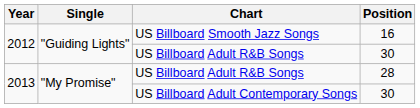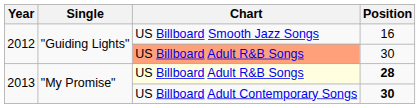 <table class="wikitable">
 <tr>
 <th>Year</th>
 <th>Single</th>
 <th>Chart</th>
 <th>Position</th>
 </tr>
 <tr>
 <td rowspan="2">2012</td>
 <td rowspan="2">"Guiding Lights"</td>
 <td>US <a href='#'>Billboard</a> <a href='#'>Smooth Jazz Songs</a></td>
 <td align="center">16</td>
 </tr>
 <tr>
-<td>US <a href='#'>Billboard</a> <a href='#'>Adult R&B Songs</a></td>
+<td style="background: lightsalmon;">US <a href='#'>Billboard</a> <a href='#'>Adult R&B Songs</a></td>
 <td align="center">30</td>
 </tr>
 <tr>
 <td rowspan="2">2013</td>
 <td rowspan="2">"My Promise"</td>
-<td>US <a href='#'>Billboard</a> <a href='#'>Adult R&B Songs</a></td>
-<td align="center">28</td>
+<td style="background: lightyellow;">US <a href='#'>Billboard</a> <a href='#'>Adult R&B Songs</a></td>
+<td align="center"><strong>28</strong></td>
 </tr>
 <tr>
 <td>US <a href='#'>Billboard</a> <a href='#'>Adult Contemporary Songs</a></td>
-<td align="center">30</td>
+<td align="center"><strong>30</strong></td>
 </tr>
 </table>
